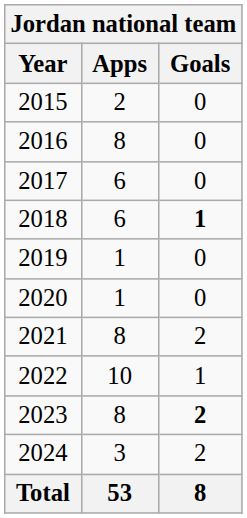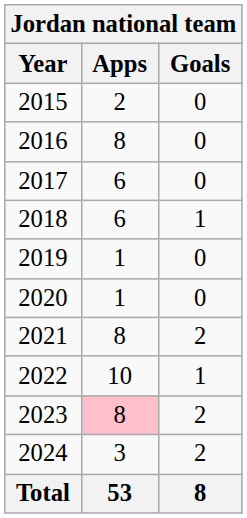 <table class="wikitable" style="text-align:center">
 <tr>
 <th colspan=3>Jordan national team</th>
 </tr>
 <tr>
 <th>Year</th>
 <th>Apps</th>
 <th>Goals</th>
 </tr>
 <tr>
 <td>2015</td>
 <td>2</td>
 <td>0</td>
 </tr>
 <tr>
 <td>2016</td>
 <td>8</td>
 <td>0</td>
 </tr>
 <tr>
 <td>2017</td>
 <td>6</td>
 <td>0</td>
 </tr>
 <tr>
 <td>2018</td>
 <td>6</td>
-<td><strong>1</strong></td>
+<td>1</td>
 </tr>
 <tr>
 <td>2019</td>
 <td>1</td>
 <td>0</td>
 </tr>
 <tr>
 <td>2020</td>
 <td>1</td>
 <td>0</td>
 </tr>
 <tr>
 <td>2021</td>
 <td>8</td>
 <td>2</td>
 </tr>
 <tr>
 <td>2022</td>
 <td>10</td>
 <td>1</td>
 </tr>
 <tr>
 <td>2023</td>
-<td>8</td>
-<td><strong>2</strong></td>
+<td style="background: pink;">8</td>
+<td>2</td>
 </tr>
 <tr>
 <td>2024</td>
 <td>3</td>
 <td>2</td>
 </tr>
 <tr>
 <th>Total</th>
 <th>53</th>
 <th>8</th>
 </tr>
 </table>
